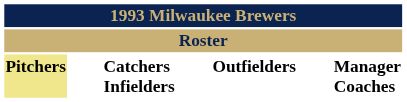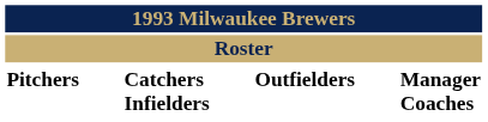 <table class="toccolours" style="font-size: 95%;">
 <tr>
 <th colspan="10" style="background-color: #0a2351; color:#c9b074;  text-align: center;">1993 Milwaukee Brewers</th>
 </tr>
 <tr>
 <td colspan="10" style="background-color: #c9b074; color: #0a2351; text-align: center;"><strong>Roster</strong></td>
 </tr>
 <tr>
-<td valign="top" style="background: khaki;"><strong>Pitchers</strong><br>                 </td>
+<td valign="top"><strong>Pitchers</strong><br>                 </td>
 <td width="25px"></td>
 <td valign="top"><strong>Catchers</strong><br>    <strong>Infielders</strong>          </td>
 <td width="25px"></td>
 <td valign="top"><strong>Outfielders</strong><br>       </td>
 <td width="25px"></td>
 <td valign="top"><strong>Manager</strong><br> <strong>Coaches</strong>     </td>
 </tr>
 <tr>
 </tr>
 </table>
